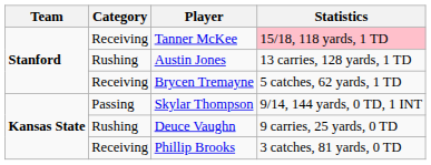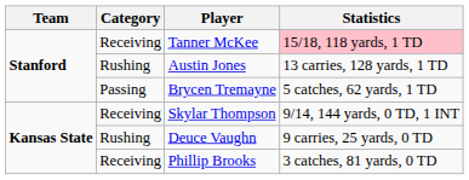 <table class="wikitable" style="float: right;">
 <tr>
 <th>Team</th>
 <th>Category</th>
 <th>Player</th>
 <th>Statistics</th>
 </tr>
 <tr>
 <td rowspan=3><strong>Stanford</strong></td>
 <td>Receiving</td>
 <td><a href='#'>Tanner McKee</a></td>
 <td style="background: pink;">15/18, 118 yards, 1 TD</td>
 </tr>
 <tr>
 <td>Rushing</td>
 <td><a href='#'>Austin Jones</a></td>
 <td>13 carries, 128 yards, 1 TD</td>
 </tr>
 <tr>
-<td>Receiving</td>
+<td>Passing</td>
 <td><a href='#'>Brycen Tremayne</a></td>
 <td>5 catches, 62 yards, 1 TD</td>
 </tr>
 <tr>
 <td rowspan=3><strong>Kansas State</strong></td>
-<td>Passing</td>
+<td>Receiving</td>
 <td><a href='#'>Skylar Thompson</a></td>
 <td>9/14, 144 yards, 0 TD, 1 INT</td>
 </tr>
 <tr>
 <td>Rushing</td>
 <td><a href='#'>Deuce Vaughn</a></td>
 <td>9 carries, 25 yards, 0 TD</td>
 </tr>
 <tr>
 <td>Receiving</td>
 <td><a href='#'>Phillip Brooks</a></td>
 <td>3 catches, 81 yards, 0 TD</td>
 </tr>
 </table>
